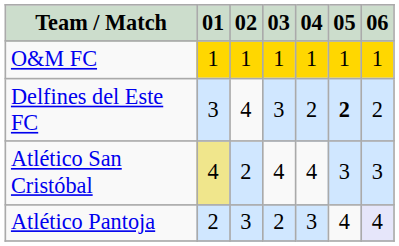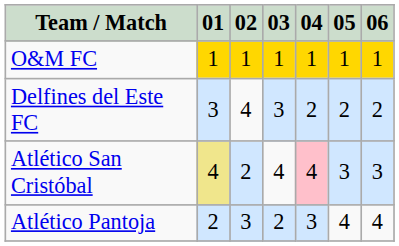 <table class="wikitable sortable" style="text-align: center; font-size: 85%; margin-left: auto; margin-right: auto; border: none;">
 <tr>
 <th style= "background:#CCDDCC; color:black; text-align:center" width="110">Team / Match</th>
 <th style= "background:#CCDDCC; color:black; text-align:center" width="5">01</th>
 <th style= "background:#CCDDCC; color:black; text-align:center" width="5">02</th>
 <th style= "background:#CCDDCC; color:black; text-align:center" width="5">03</th>
 <th style= "background:#CCDDCC; color:black; text-align:center" width="5">04</th>
 <th style= "background:#CCDDCC; color:black; text-align:center" width="5">05</th>
 <th style= "background:#CCDDCC; color:black; text-align:center" width="5">06</th>
 </tr>
 <tr>
 <td style="text-align:left"><a href='#'>O&M FC</a></td>
 <td style="text-align:center; background:#FFD700">1</td>
 <td style="text-align:center; background:#FFD700">1</td>
 <td style="text-align:center; background:#FFD700">1</td>
 <td style="text-align:center; background:#FFD700">1</td>
 <td style="text-align:center; background:#FFD700">1</td>
 <td style="text-align:center; background:#FFD700">1</td>
 </tr>
 <tr>
 <td style="text-align:left"><a href='#'>Delfines del Este FC</a></td>
 <td style="text-align:center; background:#D0E7FF">3</td>
 <td style="text-align:center">4</td>
 <td style="text-align:center; background:#D0E7FF">3</td>
 <td style="text-align:center; background:#D0E7FF">2</td>
-<td style="text-align:center; background:#D0E7FF"><strong>2</strong></td>
+<td style="text-align:center; background:#D0E7FF">2</td>
 <td style="text-align:center; background:#D0E7FF">2</td>
 </tr>
 <tr>
 <td style="text-align:left"><a href='#'>Atlético San Cristóbal</a></td>
 <td style="background: khaki; text-align:center">4</td>
 <td style="text-align:center; background:#D0E7FF">2</td>
 <td style="text-align:center">4</td>
-<td style="text-align:center">4</td>
+<td style="background: pink; text-align:center">4</td>
 <td style="text-align:center; background:#D0E7FF">3</td>
 <td style="text-align:center; background:#D0E7FF">3</td>
 </tr>
 <tr>
 <td style="text-align:left"><a href='#'>Atlético Pantoja</a></td>
 <td style="text-align:center; background:#D0E7FF">2</td>
 <td style="text-align:center; background:#D0E7FF">3</td>
 <td style="text-align:center; background:#D0E7FF">2</td>
 <td style="text-align:center; background:#D0E7FF">3</td>
 <td style="text-align:center">4</td>
-<td style="background: lavender; text-align:center">4</td>
+<td style="text-align:center">4</td>
 </tr>
 <tr>
 </tr>
 <tr>
 </tr>
 </table>
